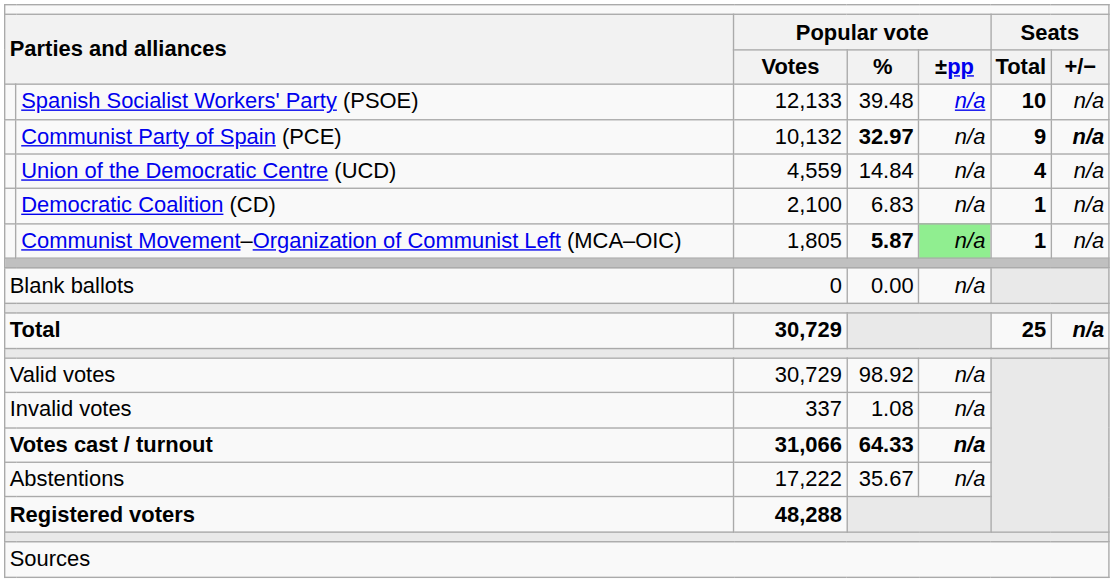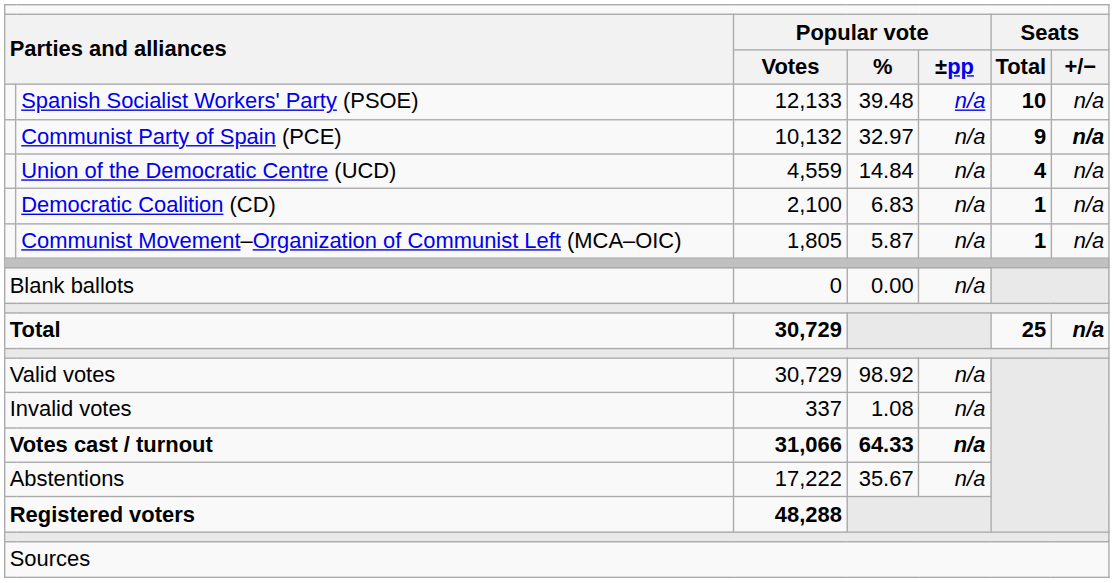 <table class="wikitable" style="text-align:right;">
 <tr>
 <td colspan="7"></td>
 </tr>
 <tr>
 <th style="text-align:left;" rowspan="2" colspan="2" width="525">Parties and alliances</th>
 <th colspan="3">Popular vote</th>
 <th colspan="2">Seats</th>
 </tr>
 <tr>
 <th width="75">Votes</th>
 <th width="45">%</th>
 <th width="45">±<a href='#'>pp</a></th>
 <th width="35">Total</th>
 <th width="35">+/−</th>
 </tr>
 <tr>
 <td width="1" style="color:inherit;background:"></td>
 <td align="left"><a href='#'>Spanish Socialist Workers' Party</a> (PSOE)</td>
 <td>12,133</td>
 <td>39.48</td>
 <td><em><a href='#'>n/a</a></em></td>
 <td><strong>10</strong></td>
 <td><em>n/a</em></td>
 </tr>
 <tr>
 <td style="color:inherit;background:"></td>
 <td align="left"><a href='#'>Communist Party of Spain</a> (PCE)</td>
 <td>10,132</td>
-<td><strong>32.97</strong></td>
+<td>32.97</td>
 <td><em>n/a</em></td>
 <td><strong>9</strong></td>
 <td><strong><em>n/a</em></strong></td>
 </tr>
 <tr>
 <td style="color:inherit;background:"></td>
 <td align="left"><a href='#'>Union of the Democratic Centre</a> (UCD)</td>
 <td>4,559</td>
 <td>14.84</td>
 <td><em>n/a</em></td>
 <td><strong>4</strong></td>
 <td><em>n/a</em></td>
 </tr>
 <tr>
 <td style="color:inherit;background:"></td>
 <td align="left"><a href='#'>Democratic Coalition</a> (CD)</td>
 <td>2,100</td>
 <td>6.83</td>
 <td><em>n/a</em></td>
 <td><strong>1</strong></td>
 <td><em>n/a</em></td>
 </tr>
 <tr>
 <td style="color:inherit;background:"></td>
 <td align="left"><a href='#'>Communist Movement</a>–<a href='#'>Organization of Communist Left</a> (MCA–OIC)</td>
 <td>1,805</td>
-<td><strong>5.87</strong></td>
-<td style="background: lightgreen;"><em>n/a</em></td>
+<td>5.87</td>
+<td><em>n/a</em></td>
 <td><strong>1</strong></td>
 <td><em>n/a</em></td>
 </tr>
 <tr>
 <td colspan="7" bgcolor="#C0C0C0"></td>
 </tr>
 <tr>
 <td align="left" colspan="2">Blank ballots</td>
 <td>0</td>
 <td>0.00</td>
 <td><em>n/a</em></td>
 <td bgcolor="#E9E9E9" colspan="2"></td>
 </tr>
 <tr>
 <td colspan="7" bgcolor="#E9E9E9"></td>
 </tr>
 <tr style="font-weight:bold;">
 <td align="left" colspan="2">Total</td>
 <td>30,729</td>
 <td bgcolor="#E9E9E9" colspan="2"></td>
 <td>25</td>
 <td><em>n/a</em></td>
 </tr>
 <tr>
 <td colspan="7" bgcolor="#E9E9E9"></td>
 </tr>
 <tr>
 <td align="left" colspan="2">Valid votes</td>
 <td>30,729</td>
 <td>98.92</td>
 <td><em>n/a</em></td>
 <td bgcolor="#E9E9E9" colspan="2" rowspan="5"></td>
 </tr>
 <tr>
 <td align="left" colspan="2">Invalid votes</td>
 <td>337</td>
 <td>1.08</td>
 <td><em>n/a</em></td>
 </tr>
 <tr style="font-weight:bold;">
 <td align="left" colspan="2">Votes cast / turnout</td>
 <td>31,066</td>
 <td>64.33</td>
 <td><em>n/a</em></td>
 </tr>
 <tr>
 <td align="left" colspan="2">Abstentions</td>
 <td>17,222</td>
 <td>35.67</td>
 <td><em>n/a</em></td>
 </tr>
 <tr style="font-weight:bold;">
 <td align="left" colspan="2">Registered voters</td>
 <td>48,288</td>
 <td bgcolor="#E9E9E9" colspan="2"></td>
 </tr>
 <tr>
 <td colspan="7" bgcolor="#E9E9E9"></td>
 </tr>
 <tr>
 <td align="left" colspan="7">Sources</td>
 </tr>
 </table>
